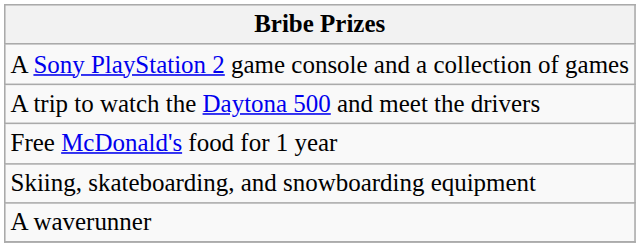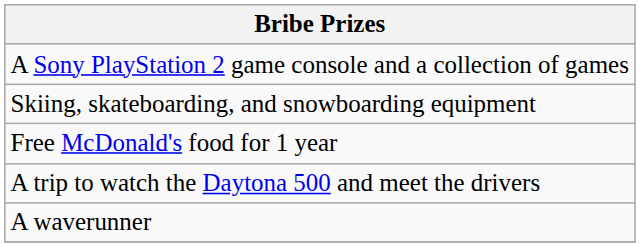 <table class="wikitable">
 <tr>
 <th>Bribe Prizes</th>
 </tr>
 <tr>
 <td>A <a href='#'>Sony PlayStation 2</a> game console and a collection of games</td>
 </tr>
 <tr>
-<td>A trip to watch the <a href='#'>Daytona 500</a> and meet the drivers</td>
+<td>Skiing, skateboarding, and snowboarding equipment</td>
 </tr>
 <tr>
 <td>Free <a href='#'>McDonald's</a> food for 1 year</td>
 </tr>
 <tr>
-<td>Skiing, skateboarding, and snowboarding equipment</td>
+<td>A trip to watch the <a href='#'>Daytona 500</a> and meet the drivers</td>
 </tr>
 <tr>
 <td>A waverunner</td>
 </tr>
 <tr>
 </tr>
 </table>
